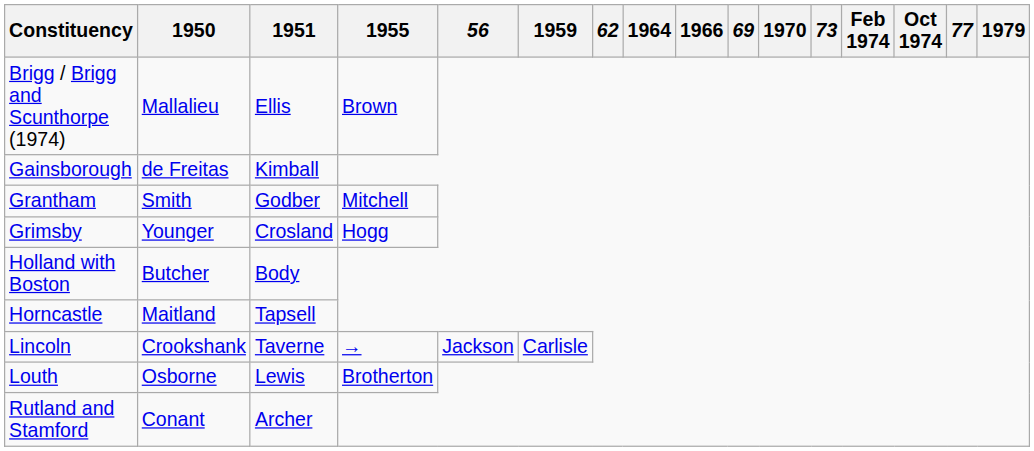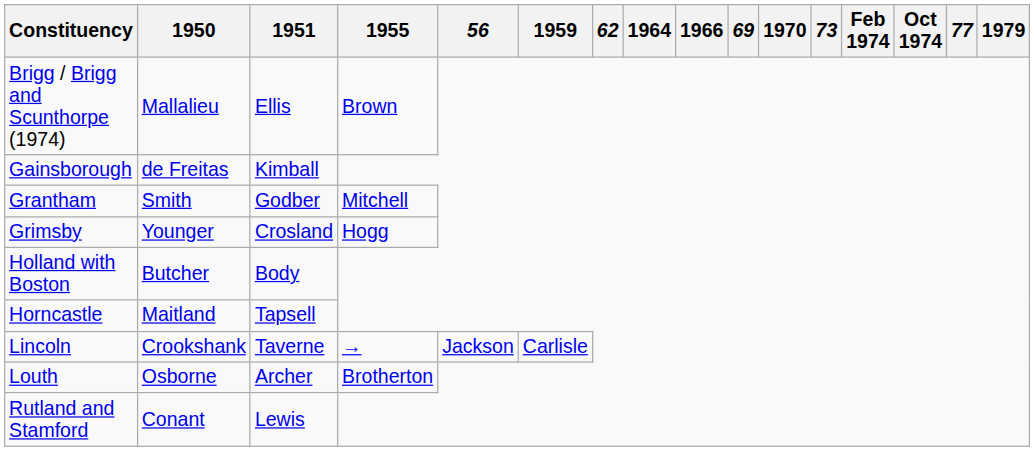 <table class="wikitable">
 <tr>
 <th>Constituency</th>
 <th>1950</th>
 <th>1951</th>
 <th>1955</th>
 <th><em>56</em></th>
 <th>1959</th>
 <th><em>62</em></th>
 <th>1964</th>
 <th>1966</th>
 <th><em>69</em></th>
 <th>1970</th>
 <th><em>73</em></th>
 <th>Feb 1974</th>
 <th>Oct 1974</th>
 <th><em>77</em></th>
 <th>1979</th>
 </tr>
 <tr>
 <td><a href='#'>Brigg</a> / <a href='#'>Brigg and Scunthorpe</a> (1974)</td>
 <td><a href='#'>Mallalieu</a></td>
 <td><a href='#'>Ellis</a></td>
 <td><a href='#'>Brown</a></td>
 </tr>
 <tr>
 <td><a href='#'>Gainsborough</a></td>
 <td><a href='#'>de Freitas</a></td>
 <td><a href='#'>Kimball</a></td>
 </tr>
 <tr>
 <td><a href='#'>Grantham</a></td>
 <td><a href='#'>Smith</a></td>
 <td><a href='#'>Godber</a></td>
 <td><a href='#'>Mitchell</a></td>
 </tr>
 <tr>
 <td><a href='#'>Grimsby</a></td>
 <td><a href='#'>Younger</a></td>
 <td><a href='#'>Crosland</a></td>
 <td><a href='#'>Hogg</a></td>
 </tr>
 <tr>
 <td><a href='#'>Holland with Boston</a></td>
 <td><a href='#'>Butcher</a></td>
 <td><a href='#'>Body</a></td>
 </tr>
 <tr>
 <td><a href='#'>Horncastle</a></td>
 <td><a href='#'>Maitland</a></td>
 <td><a href='#'>Tapsell</a></td>
 </tr>
 <tr>
 <td><a href='#'>Lincoln</a></td>
 <td><a href='#'>Crookshank</a></td>
 <td><a href='#'>Taverne</a></td>
 <td><a href='#'>→</a></td>
 <td><a href='#'>Jackson</a></td>
 <td><a href='#'>Carlisle</a></td>
 </tr>
 <tr>
 <td><a href='#'>Louth</a></td>
 <td><a href='#'>Osborne</a></td>
-<td><a href='#'>Lewis</a></td>
+<td><a href='#'>Archer</a></td>
 <td><a href='#'>Brotherton</a></td>
 </tr>
 <tr>
 <td><a href='#'>Rutland and Stamford</a></td>
 <td><a href='#'>Conant</a></td>
-<td><a href='#'>Archer</a></td>
+<td><a href='#'>Lewis</a></td>
 </tr>
 </table>
